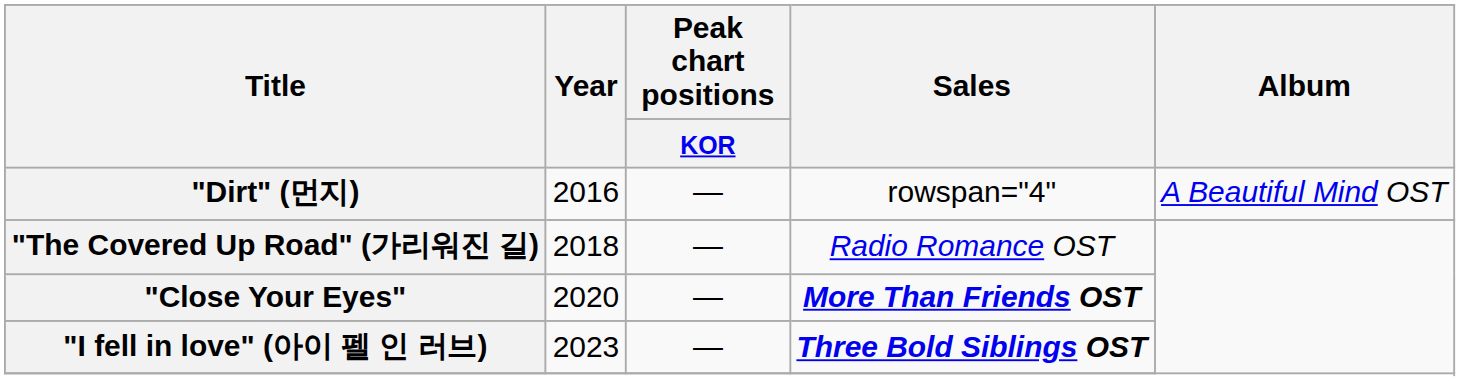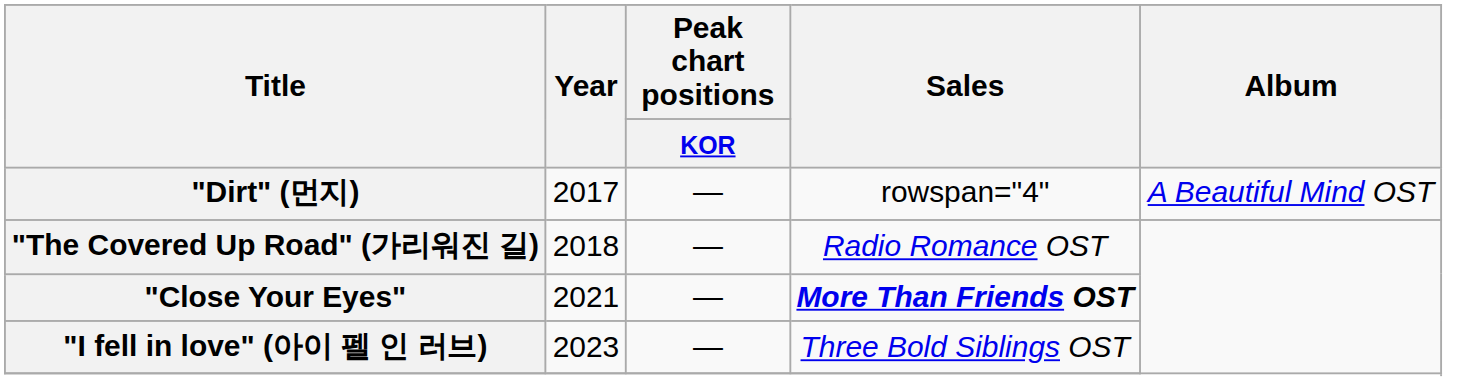 <table class="wikitable plainrowheaders" style="text-align:center">
 <tr>
 <th scope="col" rowspan="2">Title</th>
 <th scope="col" rowspan="2">Year</th>
 <th scope="col" colspan="1" style="width:5em;">Peak chart positions</th>
 <th scope="col" rowspan="2">Sales</th>
 <th scope="col" rowspan="2">Album</th>
 </tr>
 <tr>
 <th><small><a href='#'>KOR</a></small><br></th>
 </tr>
 <tr>
 <th scope="row">"Dirt" (먼지)</th>
-<td>2016</td>
+<td>2017</td>
 <td>—</td>
 <td>rowspan="4" </td>
 <td><em><a href='#'>A Beautiful Mind</a> OST</em></td>
 </tr>
 <tr>
 <th scope="row">"The Covered Up Road" (가리워진 길)</th>
 <td>2018</td>
 <td>—</td>
 <td><em><a href='#'>Radio Romance</a> OST</em></td>
 </tr>
 <tr>
 <th scope="row">"Close Your Eyes"</th>
-<td>2020</td>
+<td>2021</td>
 <td>—</td>
 <td><strong><em><a href='#'>More Than Friends</a> OST</em></strong></td>
 </tr>
 <tr>
 <th scope="row">"I fell in love" (아이 펠 인 러브)</th>
 <td>2023</td>
 <td>—</td>
-<td><strong><em><a href='#'>Three Bold Siblings</a> OST</em></strong></td>
+<td><em><a href='#'>Three Bold Siblings</a> OST</em></td>
 </tr>
 <tr>
 </tr>
 </table>
